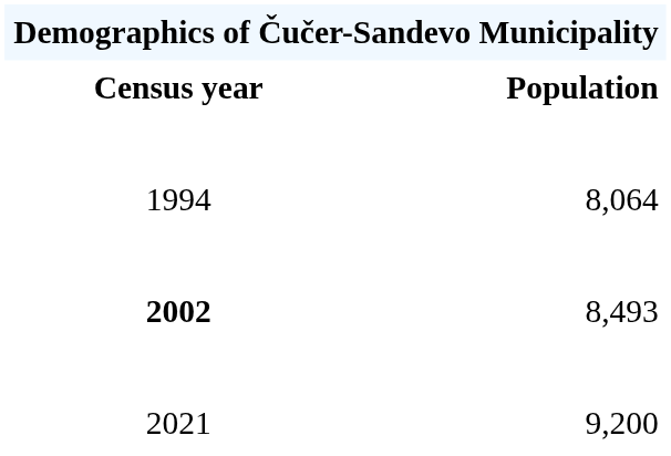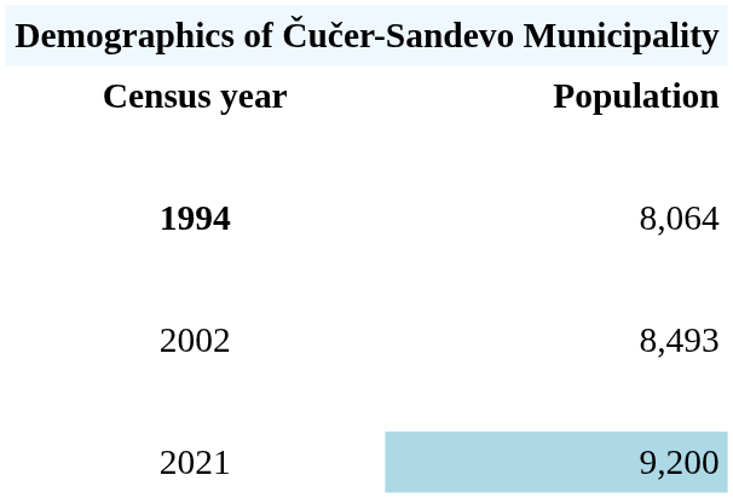 <table class="toccolours" align="center" cellpadding="4" cellspacing="0" style="margin:0 0 1em 1em; font-size:95%">
 <tr>
 <th colspan=2 bgcolor="#F0F8FF" align="center">Demographics of <strong>Čučer-Sandevo Municipality</strong></th>
 <th></th>
 </tr>
 <tr>
 <th>Census year</th>
 <th align="right">Population</th>
 </tr>
 <tr>
 <td colspan=3><br></td>
 </tr>
 <tr>
-<td align="center">1994</td>
+<td align="center"><strong>1994</strong></td>
 <td align="right">8,064</td>
 </tr>
 <tr>
 <td colspan=3><br></td>
 </tr>
 <tr>
-<td align="center"><strong>2002</strong></td>
+<td align="center">2002</td>
 <td align="right">8,493</td>
 </tr>
 <tr>
 <td colspan=3><br></td>
 </tr>
 <tr>
 <td align="center">2021</td>
-<td align="right">9,200</td>
+<td align="right" style="background: lightblue;">9,200</td>
 </tr>
 <tr>
 </tr>
 </table>
